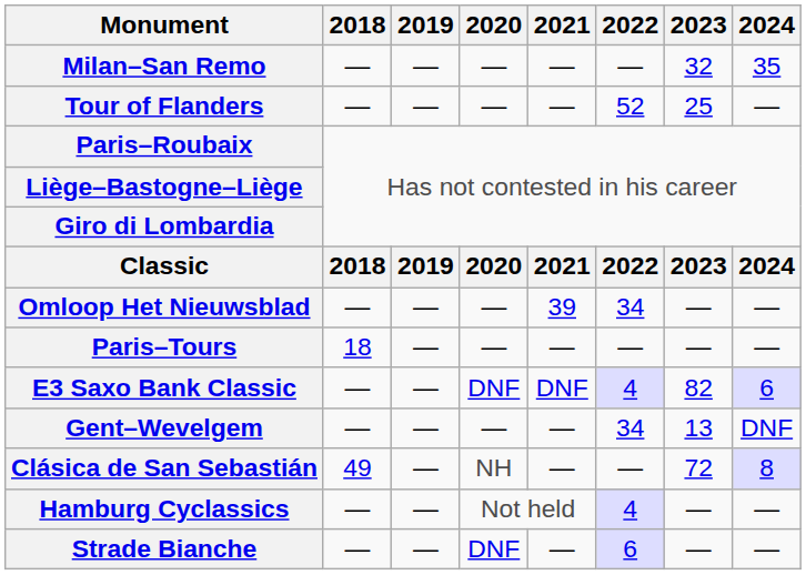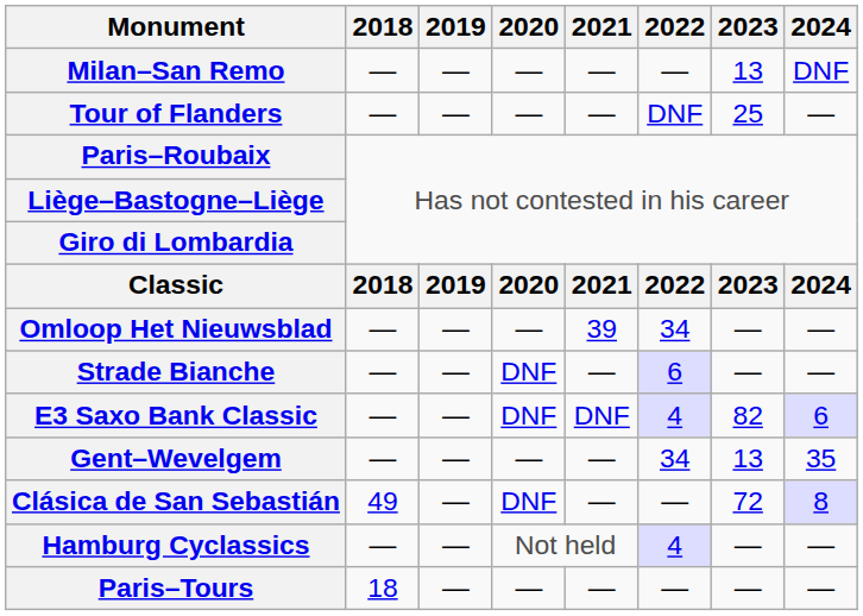 <table class="wikitable plainrowheaders">
 <tr>
 <th>Monument</th>
 <th scope="col">2018</th>
 <th scope="col">2019</th>
 <th scope="col">2020</th>
 <th scope="col">2021</th>
 <th scope="col">2022</th>
 <th scope="col">2023</th>
 <th scope="col">2024</th>
 </tr>
 <tr style="text-align:center;">
 <th scope="row"><a href='#'>Milan–San Remo</a></th>
 <td>—</td>
 <td>—</td>
 <td>—</td>
 <td>—</td>
 <td>—</td>
-<td><a href='#'>32</a></td>
-<td><a href='#'>35</a></td>
+<td><a href='#'>13</a></td>
+<td><a href='#'>DNF</a></td>
 </tr>
 <tr style="text-align:center;">
 <th scope="row"><a href='#'>Tour of Flanders</a></th>
 <td>—</td>
 <td>—</td>
 <td>—</td>
 <td>—</td>
-<td><a href='#'>52</a></td>
+<td><a href='#'>DNF</a></td>
 <td><a href='#'>25</a></td>
 <td>—</td>
 </tr>
 <tr style="text-align:center;">
 <th scope="row"><a href='#'>Paris–Roubaix</a></th>
 <td style="color:#4d4d4d;" rowspan=3 colspan=7>Has not contested in his career</td>
 </tr>
 <tr style="text-align:center;">
 <th scope="row"><a href='#'>Liège–Bastogne–Liège</a></th>
 </tr>
 <tr style="text-align:center;">
 <th scope="row"><a href='#'>Giro di Lombardia</a></th>
 </tr>
 <tr>
 <th>Classic</th>
 <th scope="col">2018</th>
 <th scope="col">2019</th>
 <th scope="col">2020</th>
 <th scope="col">2021</th>
 <th scope="col">2022</th>
 <th scope="col">2023</th>
 <th scope="col">2024</th>
 </tr>
 <tr style="text-align:center;">
 <th scope="row"><a href='#'>Omloop Het Nieuwsblad</a></th>
 <td>—</td>
 <td>—</td>
 <td>—</td>
 <td><a href='#'>39</a></td>
 <td><a href='#'>34</a></td>
 <td>—</td>
 <td>—</td>
 </tr>
 <tr style="text-align:center;">
-<th scope="row"><a href='#'>Paris–Tours</a></th>
-<td><a href='#'>18</a></td>
+<th scope="row"><a href='#'>Strade Bianche</a></th>
 <td>—</td>
 <td>—</td>
+<td><a href='#'>DNF</a></td>
 <td>—</td>
-<td>—</td>
+<td style="background:#ddf;"><a href='#'>6</a></td>
 <td>—</td>
 <td>—</td>
 </tr>
 <tr style="text-align:center;">
 <th scope="row"><a href='#'>E3 Saxo Bank Classic</a></th>
 <td>—</td>
 <td>—</td>
 <td><a href='#'>DNF</a></td>
 <td><a href='#'>DNF</a></td>
 <td style="background:#ddf;"><a href='#'>4</a></td>
 <td><a href='#'>82</a></td>
 <td style="background:#ddf;"><a href='#'>6</a></td>
 </tr>
 <tr style="text-align:center;">
 <th scope="row"><a href='#'>Gent–Wevelgem</a></th>
 <td>—</td>
 <td>—</td>
 <td>—</td>
 <td>—</td>
 <td><a href='#'>34</a></td>
 <td><a href='#'>13</a></td>
-<td><a href='#'>DNF</a></td>
+<td><a href='#'>35</a></td>
 </tr>
 <tr style="text-align:center;">
 <th scope="row"><a href='#'>Clásica de San Sebastián</a></th>
 <td><a href='#'>49</a></td>
 <td>—</td>
-<td style="color:#4d4d4d;">NH</td>
+<td><a href='#'>DNF</a></td>
 <td>—</td>
 <td>—</td>
 <td><a href='#'>72</a></td>
 <td style="background:#ddf;"><a href='#'>8</a></td>
 </tr>
 <tr style="text-align:center;">
 <th scope="row"><a href='#'>Hamburg Cyclassics</a></th>
 <td>—</td>
 <td>—</td>
 <td style="color:#4d4d4d;" colspan=2>Not held</td>
 <td style="background:#ddf;"><a href='#'>4</a></td>
 <td>—</td>
 <td>—</td>
 </tr>
 <tr style="text-align:center;">
-<th scope="row"><a href='#'>Strade Bianche</a></th>
+<th scope="row"><a href='#'>Paris–Tours</a></th>
+<td><a href='#'>18</a></td>
 <td>—</td>
 <td>—</td>
-<td><a href='#'>DNF</a></td>
 <td>—</td>
-<td style="background:#ddf;"><a href='#'>6</a></td>
+<td>—</td>
 <td>—</td>
 <td>—</td>
 </tr>
 </table>
